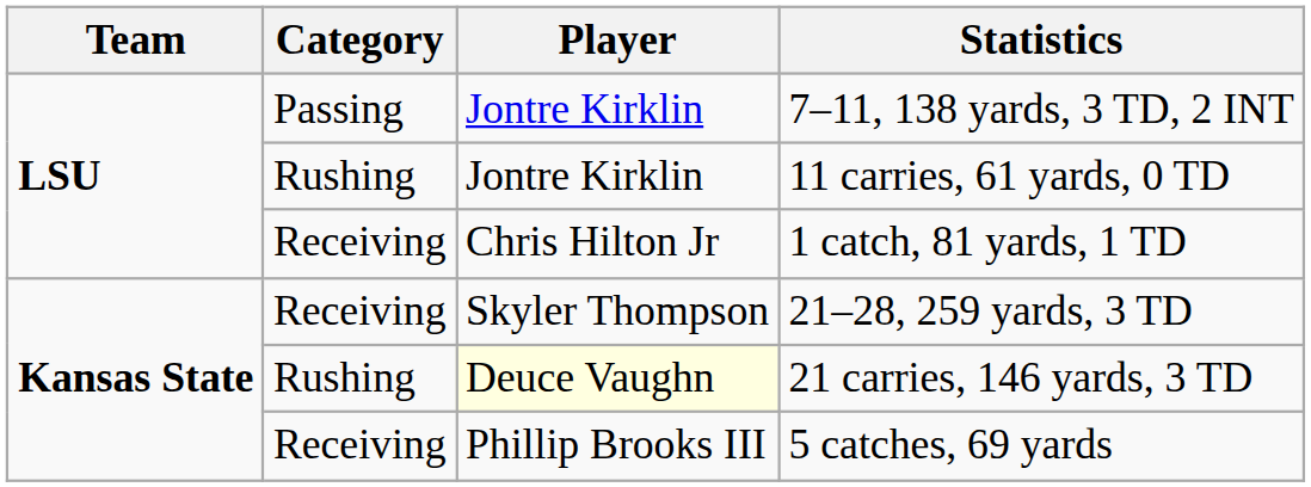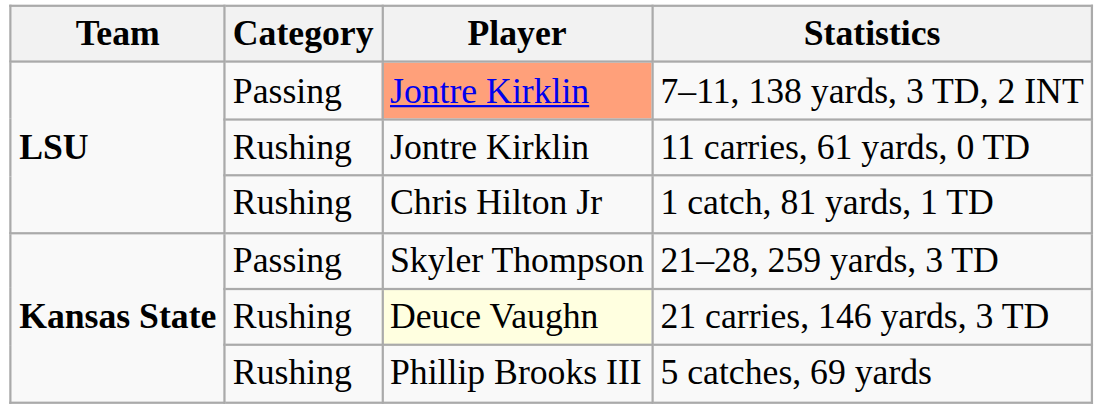 <table class="wikitable" style="float: right;">
 <tr>
 <th>Team</th>
 <th>Category</th>
 <th>Player</th>
 <th>Statistics</th>
 </tr>
 <tr>
 <td rowspan=3><strong>LSU</strong></td>
 <td>Passing</td>
-<td><a href='#'>Jontre Kirklin</a></td>
+<td style="background: lightsalmon;"><a href='#'>Jontre Kirklin</a></td>
 <td>7–11, 138 yards, 3 TD, 2 INT</td>
 </tr>
 <tr>
 <td>Rushing</td>
 <td>Jontre Kirklin</td>
 <td>11 carries, 61 yards, 0 TD</td>
 </tr>
 <tr>
-<td>Receiving</td>
+<td>Rushing</td>
 <td>Chris Hilton Jr</td>
 <td>1 catch, 81 yards, 1 TD</td>
 </tr>
 <tr>
 <td rowspan=3><strong>Kansas State</strong></td>
-<td>Receiving</td>
+<td>Passing</td>
 <td>Skyler Thompson</td>
 <td>21–28, 259 yards, 3 TD</td>
 </tr>
 <tr>
 <td>Rushing</td>
 <td style="background: lightyellow;">Deuce Vaughn</td>
 <td>21 carries, 146 yards, 3 TD</td>
 </tr>
 <tr>
-<td>Receiving</td>
+<td>Rushing</td>
 <td>Phillip Brooks III</td>
 <td>5 catches, 69 yards</td>
 </tr>
 </table>
